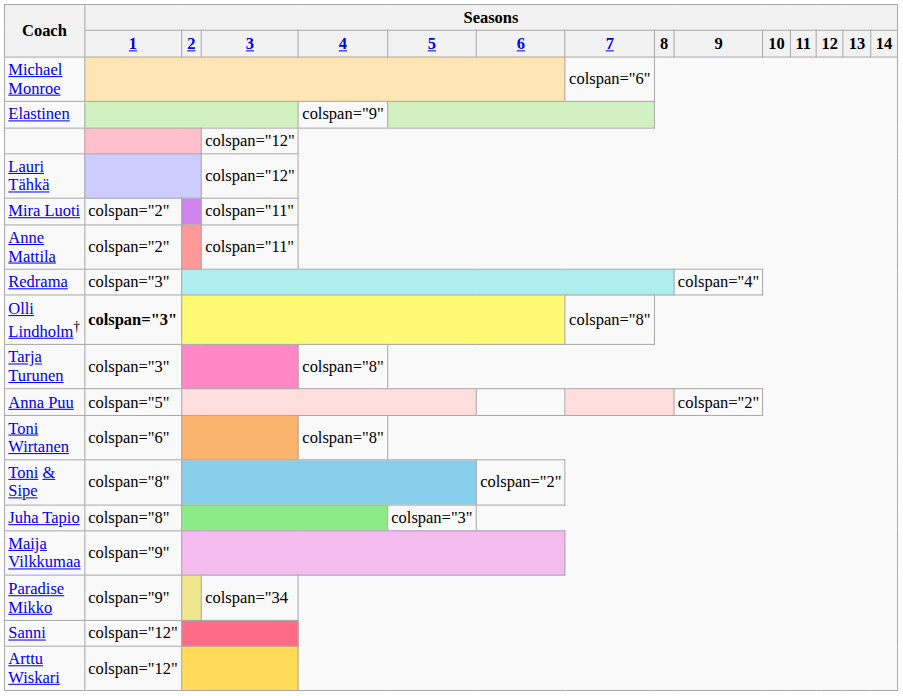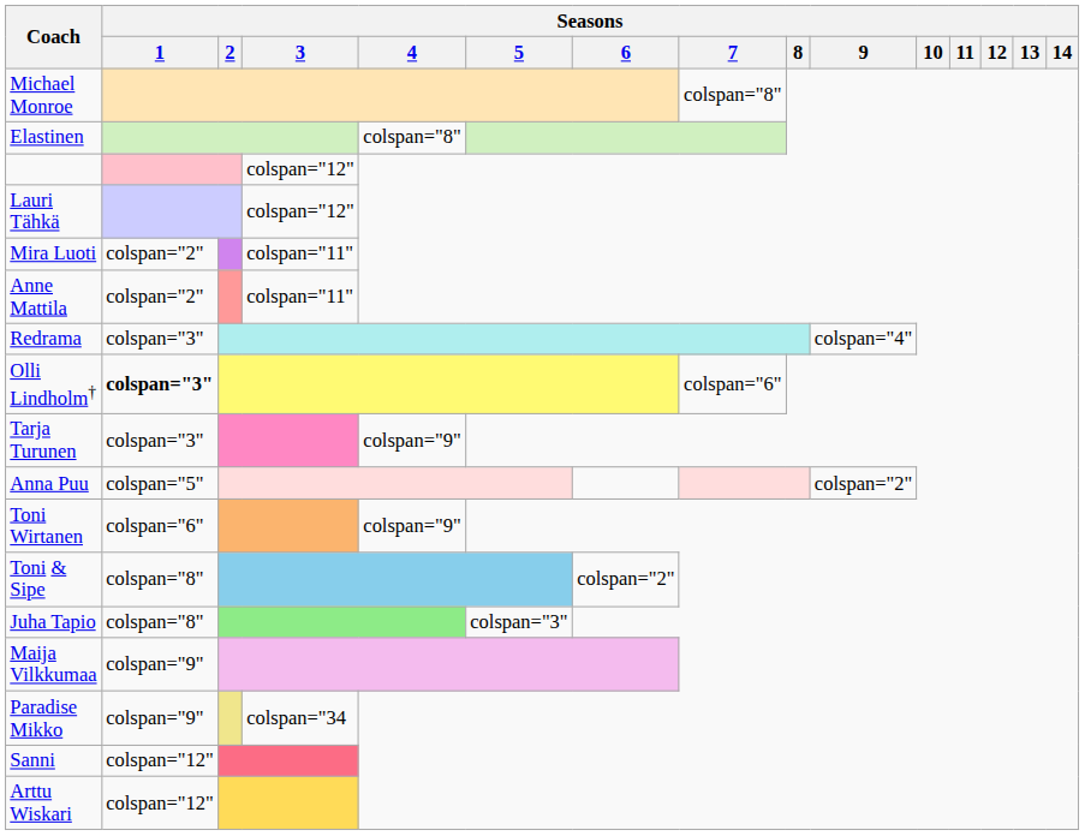 <table class="wikitable">
 <tr>
 <th rowspan="2">Coach</th>
 <th colspan="14">Seasons</th>
 </tr>
 <tr>
 <th width="40"><a href='#'>1</a></th>
 <th width="40"><a href='#'>2</a></th>
 <th width="40"><a href='#'>3</a></th>
 <th width="40"><a href='#'>4</a></th>
 <th width="40"><a href='#'>5</a></th>
 <th width="40"><a href='#'>6</a></th>
 <th width="40"><a href='#'>7</a></th>
 <th width="40">8</th>
 <th width="40">9</th>
 <th width="40">10</th>
 <th width="40">11</th>
 <th width="40">12</th>
 <th width="40">13</th>
 <th width="40">14</th>
 </tr>
 <tr>
 <td><a href='#'>Michael Monroe</a></td>
 <td colspan="6" bgcolor="#ffe5b4"></td>
-<td>colspan="6" </td>
+<td>colspan="8" </td>
 </tr>
 <tr>
 <td><a href='#'>Elastinen</a></td>
 <td colspan="3" bgcolor="#d0f0c0"></td>
-<td>colspan="9" </td>
+<td>colspan="8" </td>
 <td colspan="3" bgcolor="#d0f0c0"></td>
 </tr>
 <tr>
 <td></td>
 <td colspan="2" bgcolor="pink"></td>
 <td>colspan="12" </td>
 </tr>
 <tr>
 <td><a href='#'>Lauri Tähkä</a></td>
 <td colspan="2" bgcolor="#ccccff"></td>
 <td>colspan="12" </td>
 </tr>
 <tr>
 <td><a href='#'>Mira Luoti</a></td>
 <td>colspan="2" </td>
 <td colspan="1" bgcolor="#d084ee"></td>
 <td>colspan="11" </td>
 </tr>
 <tr>
 <td><a href='#'>Anne Mattila</a></td>
 <td>colspan="2" </td>
 <td colspan="1" bgcolor="#ff9999"></td>
 <td>colspan="11" </td>
 </tr>
 <tr>
 <td><a href='#'>Redrama</a></td>
 <td>colspan="3" </td>
 <td colspan="7" bgcolor="#afeeee"></td>
 <td>colspan="4" </td>
 </tr>
 <tr>
 <td><a href='#'>Olli Lindholm</a><sup>†</sup></td>
 <td><strong>colspan="3" </strong></td>
 <td colspan="5" bgcolor="#fffa73"></td>
-<td>colspan="8" </td>
+<td>colspan="6" </td>
 </tr>
 <tr>
 <td><a href='#'>Tarja Turunen</a></td>
 <td>colspan="3" </td>
 <td colspan="2" bgcolor="#FF87C3"></td>
-<td>colspan="8" </td>
+<td>colspan="9" </td>
 </tr>
 <tr>
 <td><a href='#'>Anna Puu</a></td>
 <td>colspan="5" </td>
 <td colspan="4" bgcolor="#ffdddd"></td>
 <td></td>
 <td colspan="2" bgcolor="#ffdddd"></td>
 <td>colspan="2" </td>
 </tr>
 <tr>
 <td><a href='#'>Toni Wirtanen</a></td>
 <td>colspan="6" </td>
 <td colspan="2" bgcolor="#fbb46e"></td>
-<td>colspan="8" </td>
+<td>colspan="9" </td>
 </tr>
 <tr>
 <td><a href='#'>Toni</a> <a href='#'>&</a> <a href='#'>Sipe</a></td>
 <td>colspan="8" </td>
 <td colspan="4" bgcolor="#87ceeb"></td>
 <td>colspan="2" </td>
 </tr>
 <tr>
 <td><a href='#'>Juha Tapio</a></td>
 <td>colspan="8" </td>
 <td colspan="3" bgcolor="#8deb87"></td>
 <td>colspan="3" </td>
 </tr>
 <tr>
 <td><a href='#'>Maija Vilkkumaa</a></td>
 <td>colspan="9" </td>
 <td colspan="5" bgcolor="#f4bbee"></td>
 </tr>
 <tr>
 <td><a href='#'>Paradise Mikko</a></td>
 <td>colspan="9" </td>
 <td bgcolor="khaki" style="text-align:center"></td>
 <td>colspan="34 </td>
 </tr>
 <tr>
 <td><a href='#'>Sanni</a></td>
 <td>colspan="12" </td>
 <td colspan="2" bgcolor="#FC6C85"></td>
 </tr>
 <tr>
 <td><a href='#'>Arttu Wiskari</a></td>
 <td>colspan="12" </td>
 <td colspan="2" bgcolor="#ffdb58"></td>
 </tr>
 </table>
